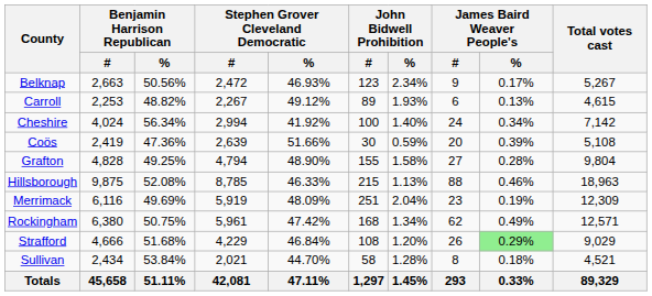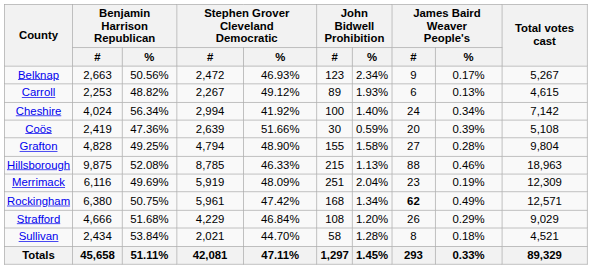 <table width="65%" class="wikitable sortable">
 <tr>
 <th rowspan="2">County</th>
 <th colspan="2">Benjamin Harrison<br>Republican</th>
 <th colspan="2">Stephen Grover Cleveland<br>Democratic</th>
 <th colspan="2">John Bidwell<br>Prohibition</th>
 <th colspan="2">James Baird Weaver<br>People's</th>
 <th rowspan="2">Total votes cast</th>
 </tr>
 <tr bgcolor="lightgrey">
 <th data-sort-type="number">#</th>
 <th data-sort-type="number">%</th>
 <th data-sort-type="number">#</th>
 <th data-sort-type="number">%</th>
 <th data-sort-type="number">#</th>
 <th data-sort-type="number">%</th>
 <th data-sort-type="number">#</th>
 <th data-sort-type="number">%</th>
 </tr>
 <tr style="text-align:center;">
 <td><a href='#'>Belknap</a></td>
 <td>2,663</td>
 <td>50.56%</td>
 <td>2,472</td>
 <td>46.93%</td>
 <td>123</td>
 <td>2.34%</td>
 <td>9</td>
 <td>0.17%</td>
 <td>5,267</td>
 </tr>
 <tr style="text-align:center;">
 <td><a href='#'>Carroll</a></td>
 <td>2,253</td>
 <td>48.82%</td>
 <td>2,267</td>
 <td>49.12%</td>
 <td>89</td>
 <td>1.93%</td>
 <td>6</td>
 <td>0.13%</td>
 <td>4,615</td>
 </tr>
 <tr style="text-align:center;">
 <td><a href='#'>Cheshire</a></td>
 <td>4,024</td>
 <td>56.34%</td>
 <td>2,994</td>
 <td>41.92%</td>
 <td>100</td>
 <td>1.40%</td>
 <td>24</td>
 <td>0.34%</td>
 <td>7,142</td>
 </tr>
 <tr style="text-align:center;">
 <td><a href='#'>Coös</a></td>
 <td>2,419</td>
 <td>47.36%</td>
 <td>2,639</td>
 <td>51.66%</td>
 <td>30</td>
 <td>0.59%</td>
 <td>20</td>
 <td>0.39%</td>
 <td>5,108</td>
 </tr>
 <tr style="text-align:center;">
 <td><a href='#'>Grafton</a></td>
 <td>4,828</td>
 <td>49.25%</td>
 <td>4,794</td>
 <td>48.90%</td>
 <td>155</td>
 <td>1.58%</td>
 <td>27</td>
 <td>0.28%</td>
 <td>9,804</td>
 </tr>
 <tr style="text-align:center;">
 <td><a href='#'>Hillsborough</a></td>
 <td>9,875</td>
 <td>52.08%</td>
 <td>8,785</td>
 <td>46.33%</td>
 <td>215</td>
 <td>1.13%</td>
 <td>88</td>
 <td>0.46%</td>
 <td>18,963</td>
 </tr>
 <tr style="text-align:center;">
 <td><a href='#'>Merrimack</a></td>
 <td>6,116</td>
 <td>49.69%</td>
 <td>5,919</td>
 <td>48.09%</td>
 <td>251</td>
 <td>2.04%</td>
 <td>23</td>
 <td>0.19%</td>
 <td>12,309</td>
 </tr>
 <tr style="text-align:center;">
 <td><a href='#'>Rockingham</a></td>
 <td>6,380</td>
 <td>50.75%</td>
 <td>5,961</td>
 <td>47.42%</td>
 <td>168</td>
 <td>1.34%</td>
-<td>62</td>
+<td><strong>62</strong></td>
 <td>0.49%</td>
 <td>12,571</td>
 </tr>
 <tr style="text-align:center;">
 <td><a href='#'>Strafford</a></td>
 <td>4,666</td>
 <td>51.68%</td>
 <td>4,229</td>
 <td>46.84%</td>
 <td>108</td>
 <td>1.20%</td>
 <td>26</td>
-<td style="background: lightgreen;">0.29%</td>
+<td>0.29%</td>
 <td>9,029</td>
 </tr>
 <tr style="text-align:center;">
 <td><a href='#'>Sullivan</a></td>
 <td>2,434</td>
 <td>53.84%</td>
 <td>2,021</td>
 <td>44.70%</td>
 <td>58</td>
 <td>1.28%</td>
 <td>8</td>
 <td>0.18%</td>
 <td>4,521</td>
 </tr>
 <tr style="text-align:center;">
 <th>Totals</th>
 <th>45,658</th>
 <th>51.11%</th>
 <th>42,081</th>
 <th>47.11%</th>
 <th>1,297</th>
 <th>1.45%</th>
 <th>293</th>
 <th>0.33%</th>
 <th>89,329</th>
 </tr>
 </table>
